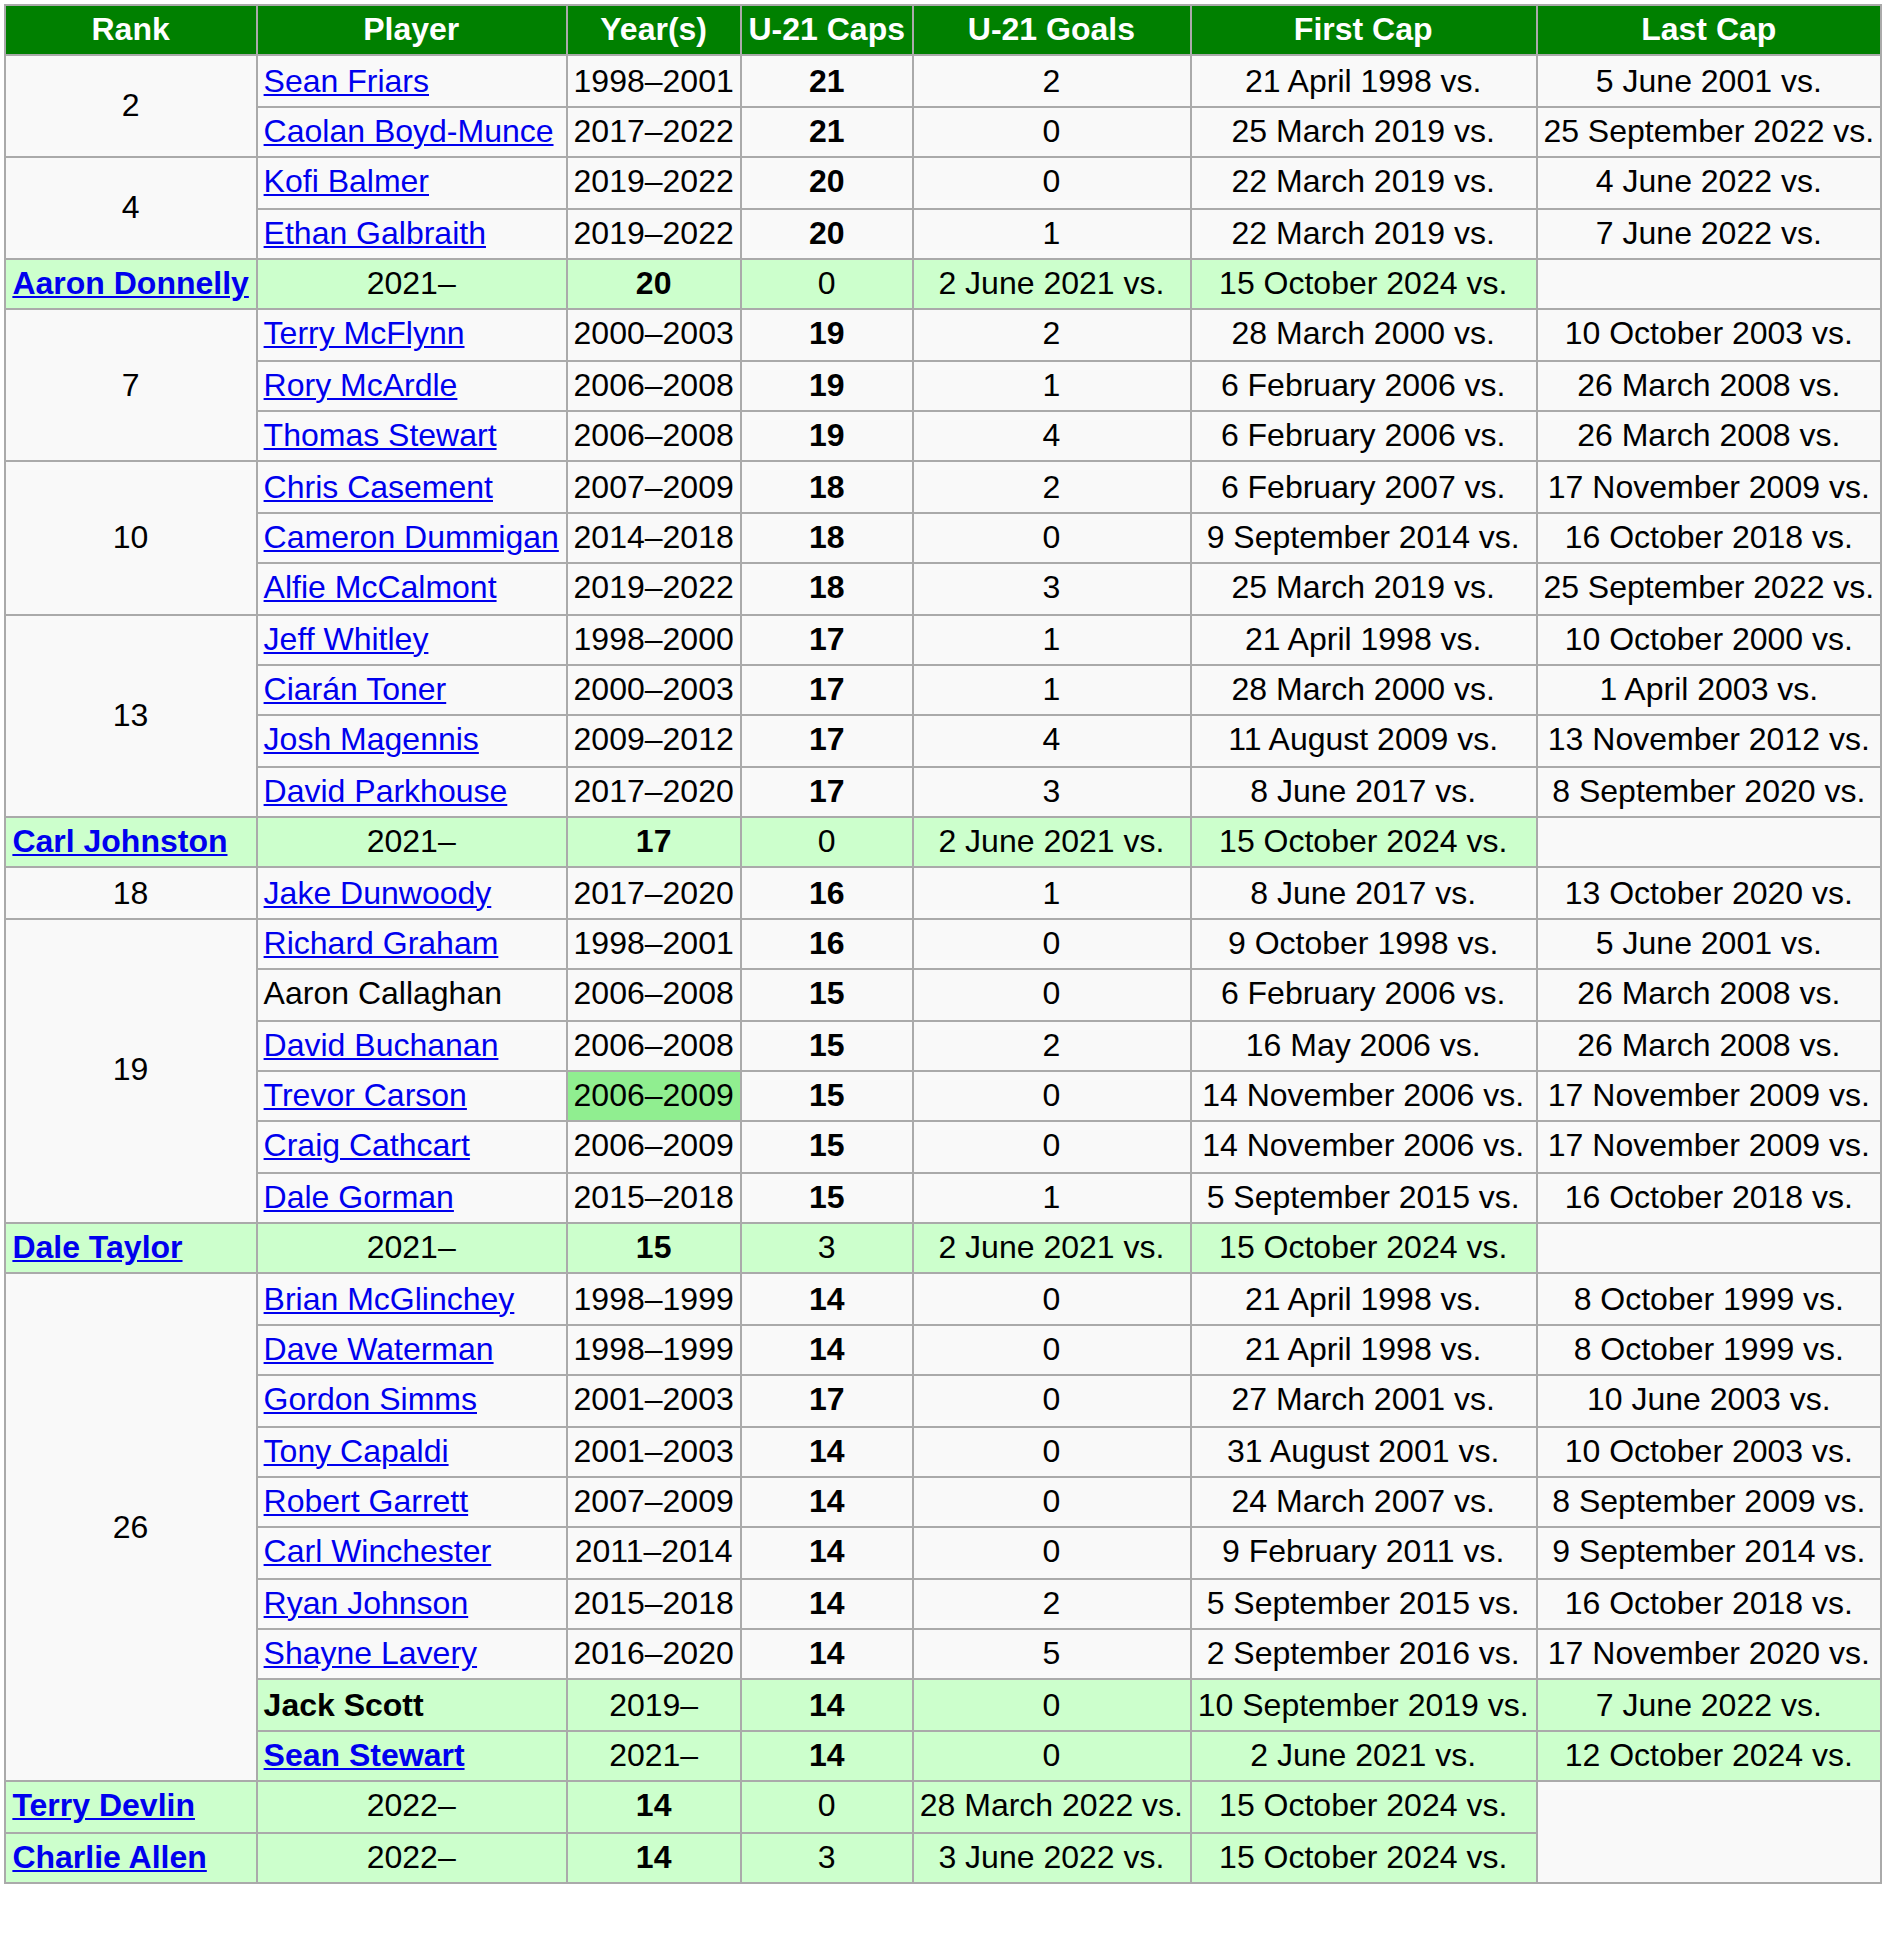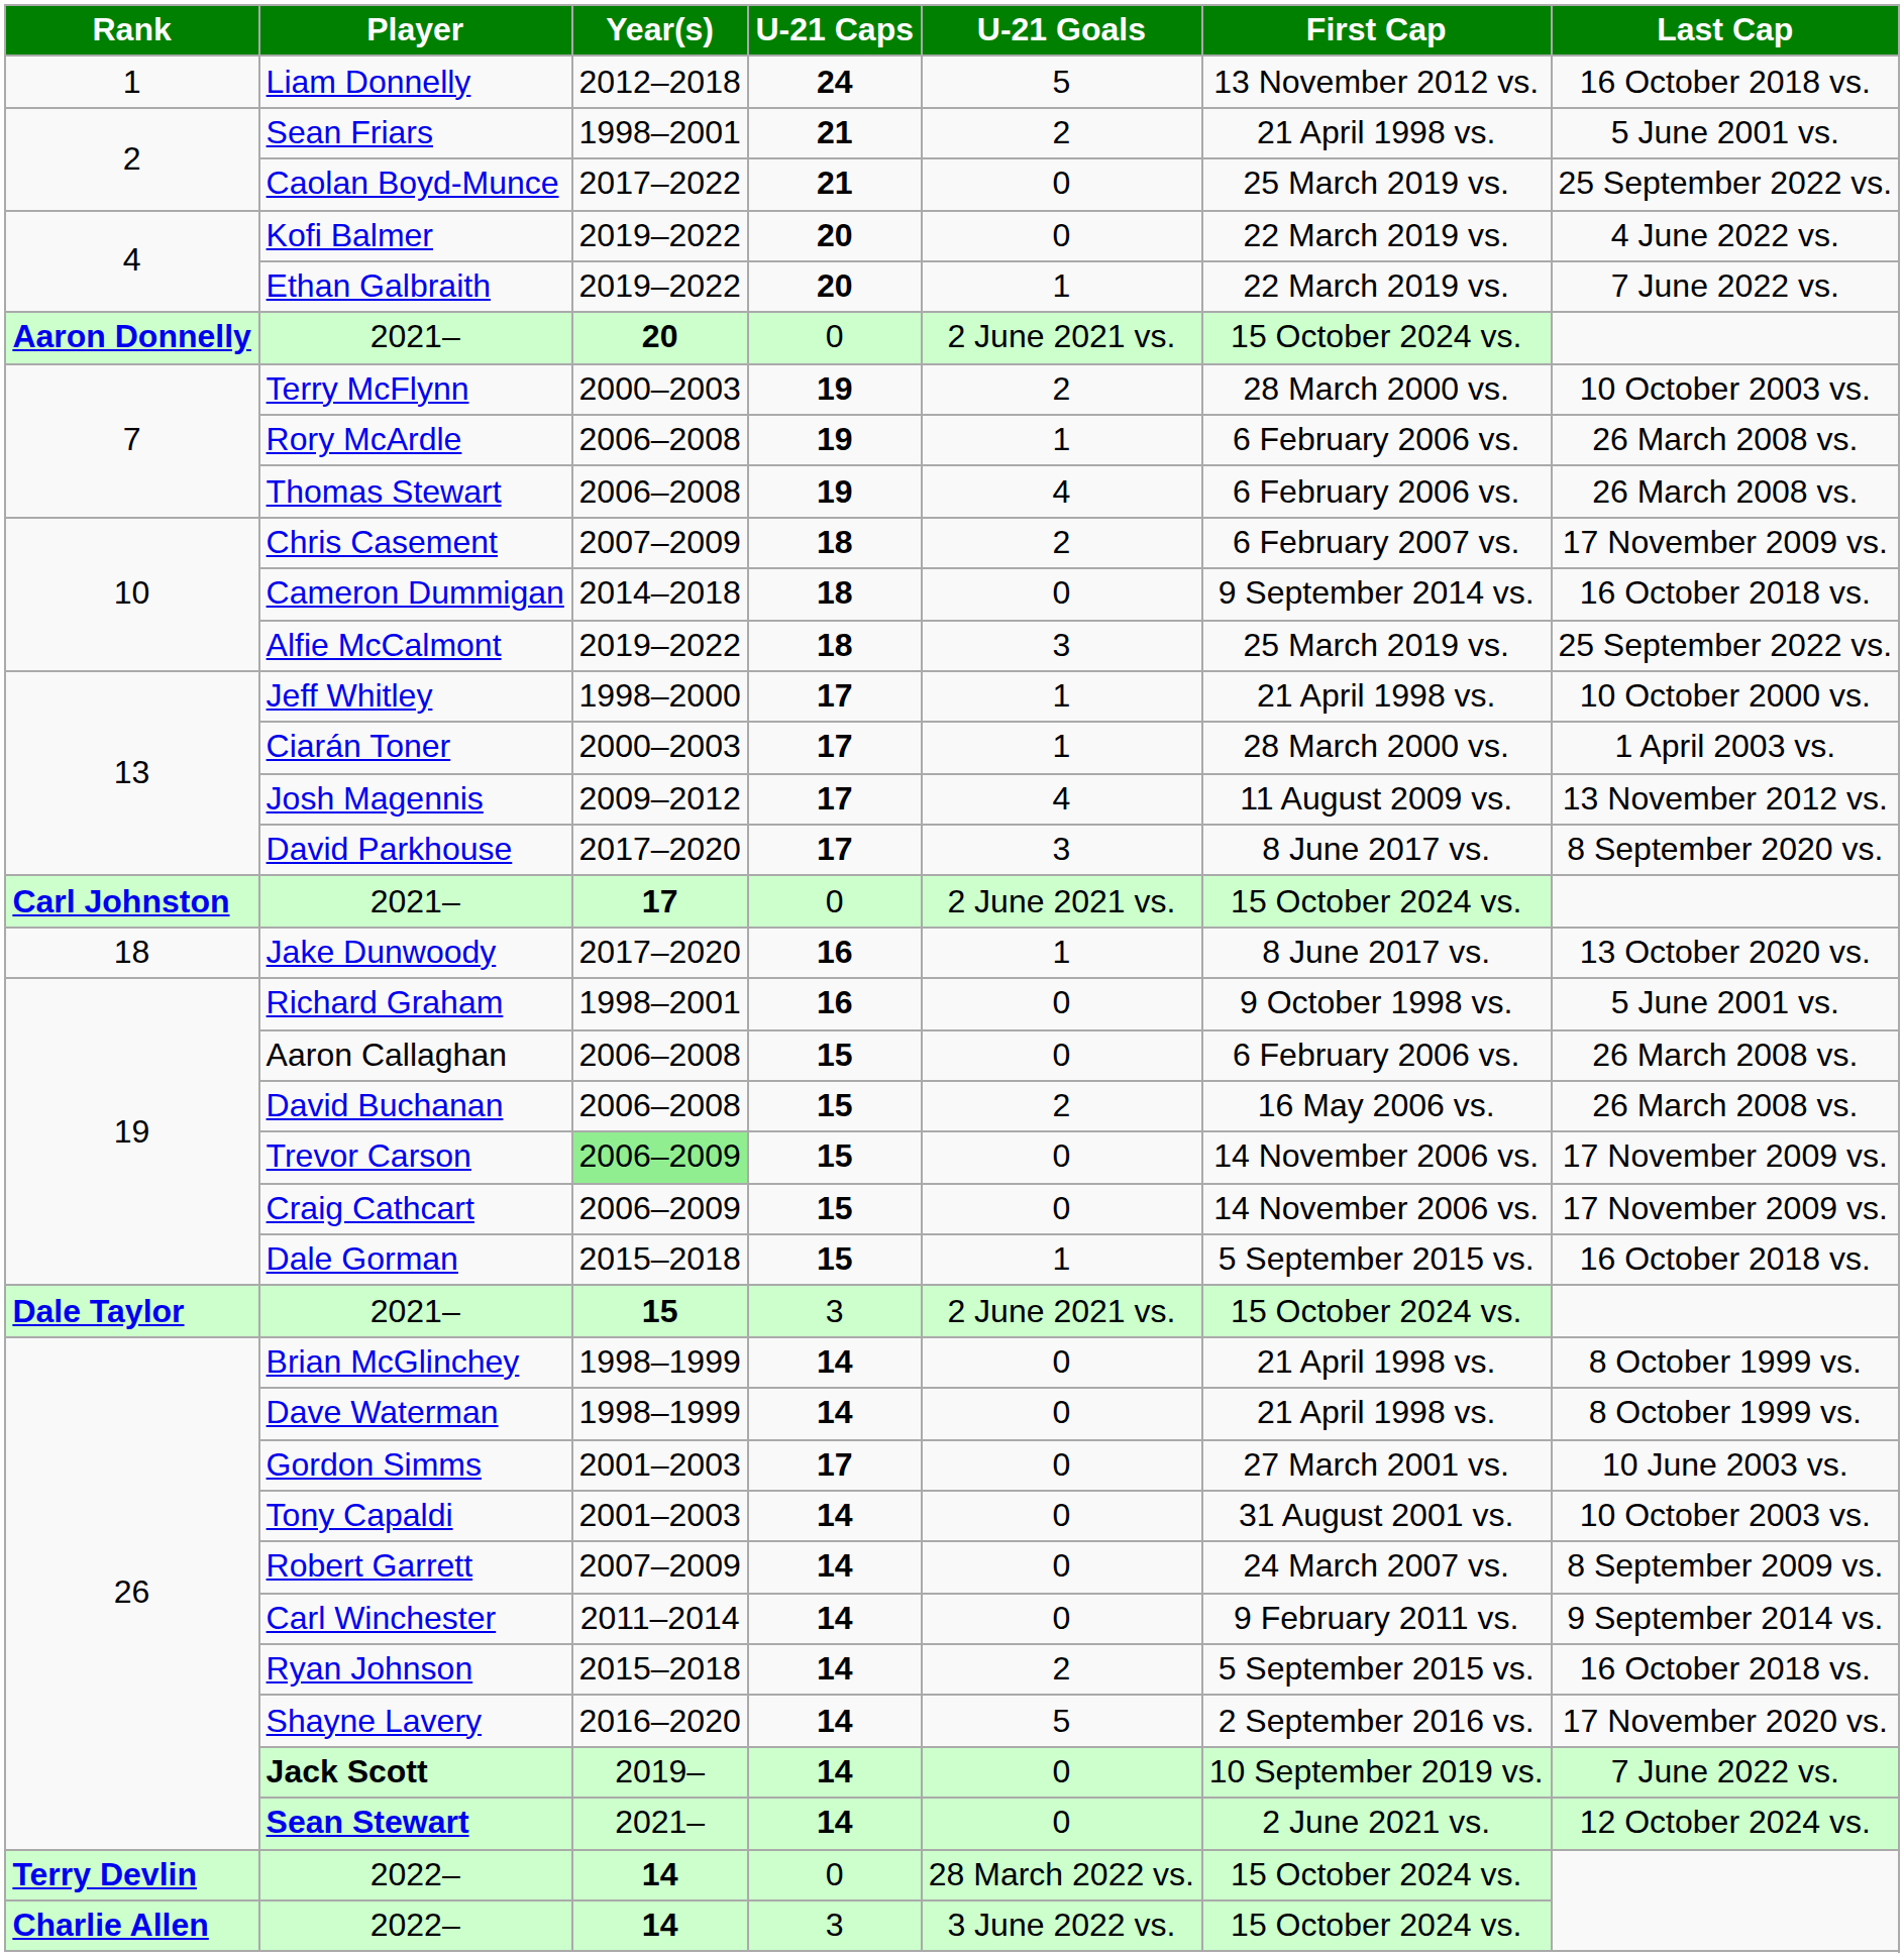 <table class="wikitable sortable" style="text-align: center;">
 <tr>
 <th style="background-color:#008000; color:white; ">Rank</th>
 <th style="background-color:#008000; color:white; ">Player</th>
 <th style="background-color:#008000; color:white; ">Year(s)</th>
 <th style="background-color:#008000; color:white; ">U-21 Caps</th>
 <th style="background-color:#008000; color:white; ">U-21 Goals</th>
 <th style="background-color:#008000; color:white; ">First Cap</th>
 <th style="background-color:#008000; color:white; ">Last Cap</th>
+</tr>
+<tr>
+<td>1</td>
+<td style="text-align:left;"><a href='#'>Liam Donnelly</a></td>
+<td>2012–2018</td>
+<td><strong>24</strong></td>
+<td>5</td>
+<td>13 November 2012 vs. </td>
+<td>16 October 2018 vs. </td>
 </tr>
 <tr>
 <td rowspan="2">2</td>
 <td style="text-align:left;"><a href='#'>Sean Friars</a></td>
 <td>1998–2001</td>
 <td><strong>21</strong></td>
 <td>2</td>
 <td>21 April 1998 vs. </td>
 <td>5 June 2001 vs. </td>
 </tr>
 <tr>
 <td style="text-align:left;"><a href='#'>Caolan Boyd-Munce</a></td>
 <td>2017–2022</td>
 <td><strong>21</strong></td>
 <td>0</td>
 <td>25 March 2019 vs. </td>
 <td>25 September 2022 vs. </td>
 </tr>
 <tr>
 <td rowspan="3">4</td>
 <td style="text-align:left;"><a href='#'>Kofi Balmer</a></td>
 <td>2019–2022</td>
 <td><strong>20</strong></td>
 <td>0</td>
 <td>22 March 2019 vs. </td>
 <td>4 June 2022 vs. </td>
 </tr>
 <tr>
 <td align="left"><a href='#'>Ethan Galbraith</a></td>
 <td>2019–2022</td>
 <td><strong>20</strong></td>
 <td>1</td>
 <td>22 March 2019 vs. </td>
 <td>7 June 2022 vs. </td>
 </tr>
 <tr>
 </tr>
 <tr bgcolor=#CFC>
 <td align="left"><strong><a href='#'>Aaron Donnelly</a></strong></td>
 <td>2021–</td>
 <td><strong>20</strong></td>
 <td>0</td>
 <td>2 June 2021 vs. </td>
 <td>15 October 2024 vs. </td>
 </tr>
 <tr>
 <td rowspan="3">7</td>
 <td style="text-align:left;"><a href='#'>Terry McFlynn</a></td>
 <td>2000–2003</td>
 <td><strong>19</strong></td>
 <td>2</td>
 <td>28 March 2000 vs. </td>
 <td>10 October 2003 vs. </td>
 </tr>
 <tr>
 <td style="text-align:left;"><a href='#'>Rory McArdle</a></td>
 <td>2006–2008</td>
 <td><strong>19</strong></td>
 <td>1</td>
 <td>6 February 2006 vs. </td>
 <td>26 March 2008 vs. </td>
 </tr>
 <tr>
 <td style="text-align:left;"><a href='#'>Thomas Stewart</a></td>
 <td>2006–2008</td>
 <td><strong>19</strong></td>
 <td>4</td>
 <td>6 February 2006 vs. </td>
 <td>26 March 2008 vs. </td>
 </tr>
 <tr>
 <td rowspan="3">10</td>
 <td style="text-align:left;"><a href='#'>Chris Casement</a></td>
 <td>2007–2009</td>
 <td><strong>18</strong></td>
 <td>2</td>
 <td>6 February 2007 vs. </td>
 <td>17 November 2009 vs. </td>
 </tr>
 <tr>
 <td style="text-align:left;"><a href='#'>Cameron Dummigan</a></td>
 <td>2014–2018</td>
 <td><strong>18</strong></td>
 <td>0</td>
 <td>9 September 2014 vs. </td>
 <td>16 October 2018 vs. </td>
 </tr>
 <tr>
 <td align="left"><a href='#'>Alfie McCalmont</a></td>
 <td>2019–2022</td>
 <td><strong>18</strong></td>
 <td>3</td>
 <td>25 March 2019 vs. </td>
 <td>25 September 2022 vs. </td>
 </tr>
 <tr>
 <td rowspan="5">13</td>
 <td style="text-align:left;"><a href='#'>Jeff Whitley</a></td>
 <td>1998–2000</td>
 <td><strong>17</strong></td>
 <td>1</td>
 <td>21 April 1998 vs. </td>
 <td>10 October 2000 vs. </td>
 </tr>
 <tr>
 <td style="text-align:left;"><a href='#'>Ciarán Toner</a></td>
 <td>2000–2003</td>
 <td><strong>17</strong></td>
 <td>1</td>
 <td>28 March 2000 vs. </td>
 <td>1 April 2003 vs. </td>
 </tr>
 <tr>
 <td style="text-align:left;"><a href='#'>Josh Magennis</a></td>
 <td>2009–2012</td>
 <td><strong>17</strong></td>
 <td>4</td>
 <td>11 August 2009 vs. </td>
 <td>13 November 2012 vs. </td>
 </tr>
 <tr>
 <td style="text-align:left;"><a href='#'>David Parkhouse</a></td>
 <td>2017–2020</td>
 <td><strong>17</strong></td>
 <td>3</td>
 <td>8 June 2017 vs. </td>
 <td>8 September 2020 vs. </td>
 </tr>
 <tr>
 </tr>
 <tr bgcolor=#CFC>
 <td align="left"><strong><a href='#'>Carl Johnston</a></strong></td>
 <td>2021–</td>
 <td><strong>17</strong></td>
 <td>0</td>
 <td>2 June 2021 vs. </td>
 <td>15 October 2024 vs. </td>
 </tr>
 <tr>
 <td>18</td>
 <td align="left"><a href='#'>Jake Dunwoody</a></td>
 <td>2017–2020</td>
 <td><strong>16</strong></td>
 <td>1</td>
 <td>8 June 2017 vs. </td>
 <td>13 October 2020 vs. </td>
 </tr>
 <tr>
 <td rowspan="7">19</td>
 <td align="left"><a href='#'>Richard Graham</a></td>
 <td>1998–2001</td>
 <td><strong>16</strong></td>
 <td>0</td>
 <td>9 October 1998 vs. </td>
 <td>5 June 2001 vs. </td>
 </tr>
 <tr>
 <td align="left">Aaron Callaghan</td>
 <td>2006–2008</td>
 <td><strong>15</strong></td>
 <td>0</td>
 <td>6 February 2006 vs. </td>
 <td>26 March 2008 vs. </td>
 </tr>
 <tr>
 <td align="left"><a href='#'>David Buchanan</a></td>
 <td>2006–2008</td>
 <td><strong>15</strong></td>
 <td>2</td>
 <td>16 May 2006 vs. </td>
 <td>26 March 2008 vs. </td>
 </tr>
 <tr>
 <td align="left"><a href='#'>Trevor Carson</a></td>
 <td style="background: lightgreen;">2006–2009</td>
 <td><strong>15</strong></td>
 <td>0</td>
 <td>14 November 2006 vs. </td>
 <td>17 November 2009 vs. </td>
 </tr>
 <tr>
 <td align="left"><a href='#'>Craig Cathcart</a></td>
 <td>2006–2009</td>
 <td><strong>15</strong></td>
 <td>0</td>
 <td>14 November 2006 vs. </td>
 <td>17 November 2009 vs. </td>
 </tr>
 <tr>
 <td align="left"><a href='#'>Dale Gorman</a></td>
 <td>2015–2018</td>
 <td><strong>15</strong></td>
 <td>1</td>
 <td>5 September 2015 vs. </td>
 <td>16 October 2018 vs. </td>
 </tr>
 <tr>
 </tr>
 <tr bgcolor=#CFC>
 <td align="left"><strong><a href='#'>Dale Taylor</a></strong></td>
 <td>2021–</td>
 <td><strong>15</strong></td>
 <td>3</td>
 <td>2 June 2021 vs. </td>
 <td>15 October 2024 vs. </td>
 </tr>
 <tr>
 <td rowspan="12">26</td>
 <td align="left"><a href='#'>Brian McGlinchey</a></td>
 <td>1998–1999</td>
 <td><strong>14</strong></td>
 <td>0</td>
 <td>21 April 1998 vs. </td>
 <td>8 October 1999 vs. </td>
 </tr>
 <tr>
 <td align="left"><a href='#'>Dave Waterman</a></td>
 <td>1998–1999</td>
 <td><strong>14</strong></td>
 <td>0</td>
 <td>21 April 1998 vs. </td>
 <td>8 October 1999 vs. </td>
 </tr>
 <tr>
 <td align="left"><a href='#'>Gordon Simms</a></td>
 <td>2001–2003</td>
 <td><strong>17</strong></td>
 <td>0</td>
 <td>27 March 2001 vs. </td>
 <td>10 June 2003 vs. </td>
 </tr>
 <tr>
 <td align="left"><a href='#'>Tony Capaldi</a></td>
 <td>2001–2003</td>
 <td><strong>14</strong></td>
 <td>0</td>
 <td>31 August 2001 vs. </td>
 <td>10 October 2003 vs. </td>
 </tr>
 <tr>
 <td align="left"><a href='#'>Robert Garrett</a></td>
 <td>2007–2009</td>
 <td><strong>14</strong></td>
 <td>0</td>
 <td>24 March 2007 vs. </td>
 <td>8 September 2009 vs. </td>
 </tr>
 <tr>
 <td align="left"><a href='#'>Carl Winchester</a></td>
 <td>2011–2014</td>
 <td><strong>14</strong></td>
 <td>0</td>
 <td>9 February 2011 vs. </td>
 <td>9 September 2014 vs. </td>
 </tr>
 <tr>
 <td align="left"><a href='#'>Ryan Johnson</a></td>
 <td>2015–2018</td>
 <td><strong>14</strong></td>
 <td>2</td>
 <td>5 September 2015 vs. </td>
 <td>16 October 2018 vs. </td>
 </tr>
 <tr>
 <td align="left"><a href='#'>Shayne Lavery</a></td>
 <td>2016–2020</td>
 <td><strong>14</strong></td>
 <td>5</td>
 <td>2 September 2016 vs. </td>
 <td>17 November 2020 vs. </td>
 </tr>
 <tr>
 </tr>
 <tr bgcolor=#CFC>
 <td align="left"><strong>Jack Scott</strong></td>
 <td>2019–</td>
 <td><strong>14</strong></td>
 <td>0</td>
 <td>10 September 2019 vs. </td>
 <td>7 June 2022 vs. </td>
 </tr>
 <tr>
 </tr>
 <tr bgcolor=#CFC>
 <td align="left"><strong><a href='#'>Sean Stewart</a></strong></td>
 <td>2021–</td>
 <td><strong>14</strong></td>
 <td>0</td>
 <td>2 June 2021 vs. </td>
 <td>12 October 2024 vs. </td>
 </tr>
 <tr>
 </tr>
 <tr bgcolor=#CFC>
 <td align="left"><strong><a href='#'>Terry Devlin</a></strong></td>
 <td>2022–</td>
 <td><strong>14</strong></td>
 <td>0</td>
 <td>28 March 2022 vs. </td>
 <td>15 October 2024 vs. </td>
 </tr>
 <tr>
 </tr>
 <tr bgcolor=#CFC>
 <td align="left"><strong><a href='#'>Charlie Allen</a></strong></td>
 <td>2022–</td>
 <td><strong>14</strong></td>
 <td>3</td>
 <td>3 June 2022 vs. </td>
 <td>15 October 2024 vs. </td>
 </tr>
 <tr>
 </tr>
 </table>
